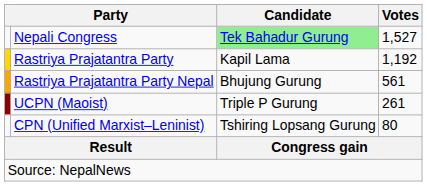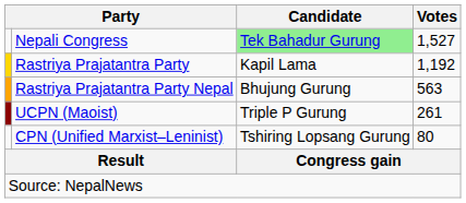 <table class="wikitable">
 <tr>
 <th colspan="2">Party</th>
 <th>Candidate</th>
 <th>Votes</th>
 </tr>
 <tr>
 <td style="background-color:"></td>
 <td><a href='#'>Nepali Congress</a></td>
 <td style="background: lightgreen;"><a href='#'>Tek Bahadur Gurung</a></td>
 <td>1,527</td>
 </tr>
 <tr>
 <td style="background-color:gold"></td>
 <td><a href='#'>Rastriya Prajatantra Party</a></td>
 <td>Kapil Lama</td>
 <td>1,192</td>
 </tr>
 <tr>
 <td style="background-color:orange"></td>
 <td><a href='#'>Rastriya Prajatantra Party Nepal</a></td>
 <td>Bhujung Gurung</td>
-<td>561</td>
+<td>563</td>
 </tr>
 <tr>
 <td style="background-color:darkred"></td>
 <td><a href='#'>UCPN (Maoist)</a></td>
 <td>Triple P Gurung</td>
 <td>261</td>
 </tr>
 <tr>
 <td style="background-color:"></td>
 <td><a href='#'>CPN (Unified Marxist–Leninist)</a></td>
 <td>Tshiring Lopsang Gurung</td>
 <td>80</td>
 </tr>
 <tr>
 <th colspan="2">Result</th>
 <th colspan="2">Congress gain</th>
 </tr>
 <tr>
 <td colspan="4">Source: NepalNews</td>
 </tr>
 </table>
